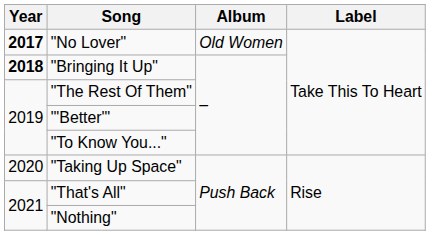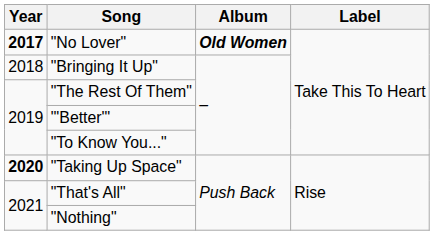 <table class="wikitable sortable">
 <tr>
 <th>Year</th>
 <th>Song</th>
 <th>Album</th>
 <th>Label</th>
 </tr>
 <tr>
 <td><strong>2017</strong></td>
 <td>"No Lover"</td>
-<td><em>Old Women</em></td>
+<td><strong><em>Old Women</em></strong></td>
 <td rowspan="5">Take This To Heart</td>
 </tr>
 <tr>
-<td><strong>2018</strong></td>
+<td>2018</td>
 <td>"Bringing It Up"</td>
 <td rowspan="4"><em>–</em></td>
 </tr>
 <tr>
 <td rowspan="3">2019</td>
 <td>"The Rest Of Them"</td>
 </tr>
 <tr>
 <td>"'Better'"</td>
 </tr>
 <tr>
 <td>"To Know You..."</td>
 </tr>
 <tr>
-<td>2020</td>
+<td><strong>2020</strong></td>
 <td>"Taking Up Space"</td>
 <td rowspan="3"><em>Push Back</em></td>
 <td rowspan="3">Rise</td>
 </tr>
 <tr>
 <td rowspan="2">2021</td>
 <td>"That's All"</td>
 </tr>
 <tr>
 <td>"Nothing"</td>
 </tr>
 </table>
